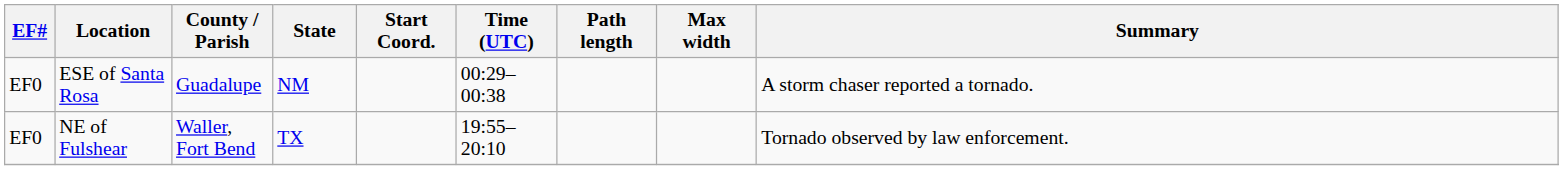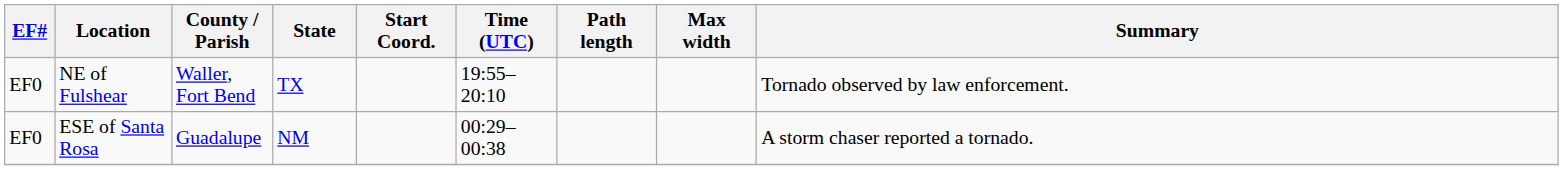 <table class="wikitable sortable" style="width:100%;">
 <tr>
 <th scope="col"  style="width:3%; text-align:center;"><a href='#'>EF#</a></th>
 <th scope="col"  style="width:7%; text-align:center;" class="unsortable">Location</th>
 <th scope="col"  style="width:6%; text-align:center;" class="unsortable">County / Parish</th>
 <th scope="col"  style="width:5%; text-align:center;">State</th>
 <th scope="col"  style="width:6%; text-align:center;">Start Coord.</th>
 <th scope="col"  style="width:6%; text-align:center;">Time (<a href='#'>UTC</a>)</th>
 <th scope="col"  style="width:6%; text-align:center;">Path length</th>
 <th scope="col"  style="width:6%; text-align:center;">Max width</th>
 <th scope="col" class="unsortable" style="width:48%; text-align:center;">Summary</th>
 </tr>
 <tr>
 <td>EF0</td>
+<td>NE of <a href='#'>Fulshear</a></td>
+<td><a href='#'>Waller</a>, <a href='#'>Fort Bend</a></td>
+<td><a href='#'>TX</a></td>
+<td></td>
+<td>19:55–20:10</td>
+<td></td>
+<td></td>
+<td>Tornado observed by law enforcement.</td>
+</tr>
+<tr>
+<td>EF0</td>
 <td>ESE of <a href='#'>Santa Rosa</a></td>
 <td><a href='#'>Guadalupe</a></td>
 <td><a href='#'>NM</a></td>
 <td></td>
 <td>00:29–00:38</td>
 <td></td>
 <td></td>
 <td>A storm chaser reported a tornado.</td>
 </tr>
 <tr>
-<td>EF0</td>
-<td>NE of <a href='#'>Fulshear</a></td>
-<td><a href='#'>Waller</a>, <a href='#'>Fort Bend</a></td>
-<td><a href='#'>TX</a></td>
-<td></td>
-<td>19:55–20:10</td>
-<td></td>
-<td></td>
-<td>Tornado observed by law enforcement.</td>
-</tr>
-<tr>
 </tr>
 </table>
